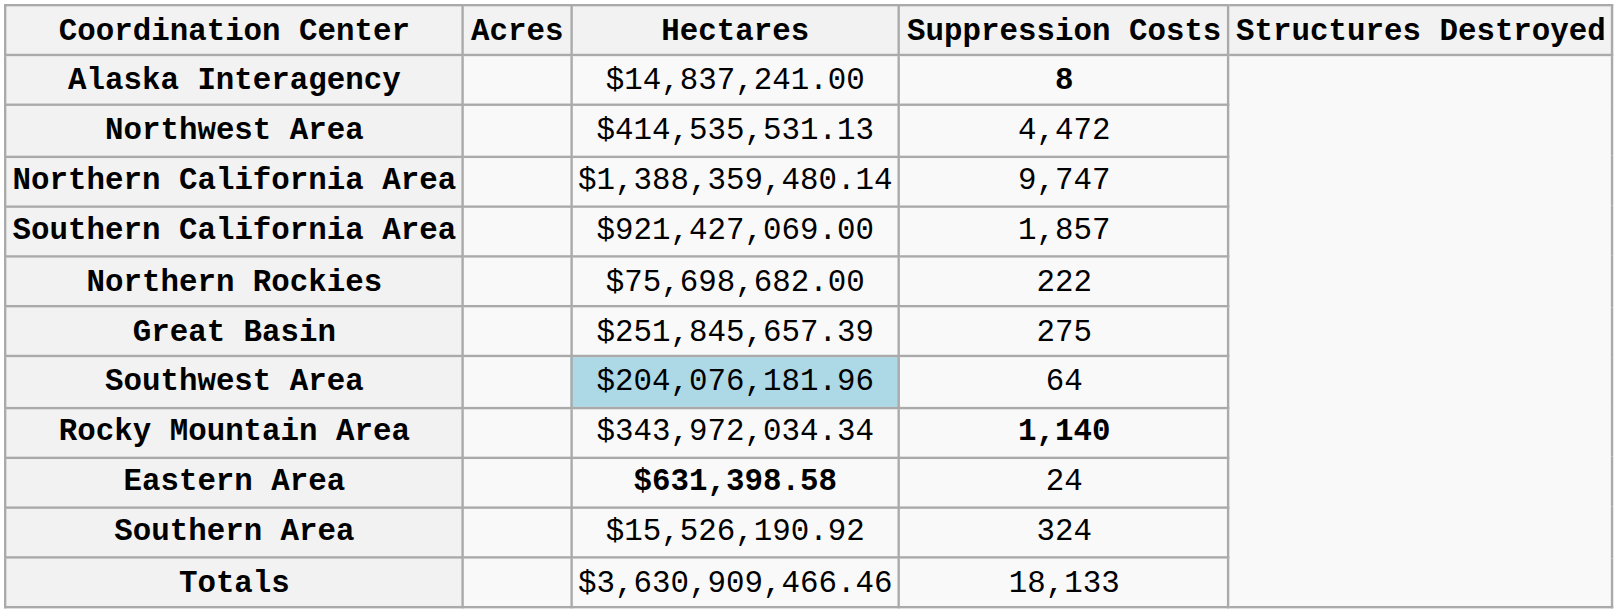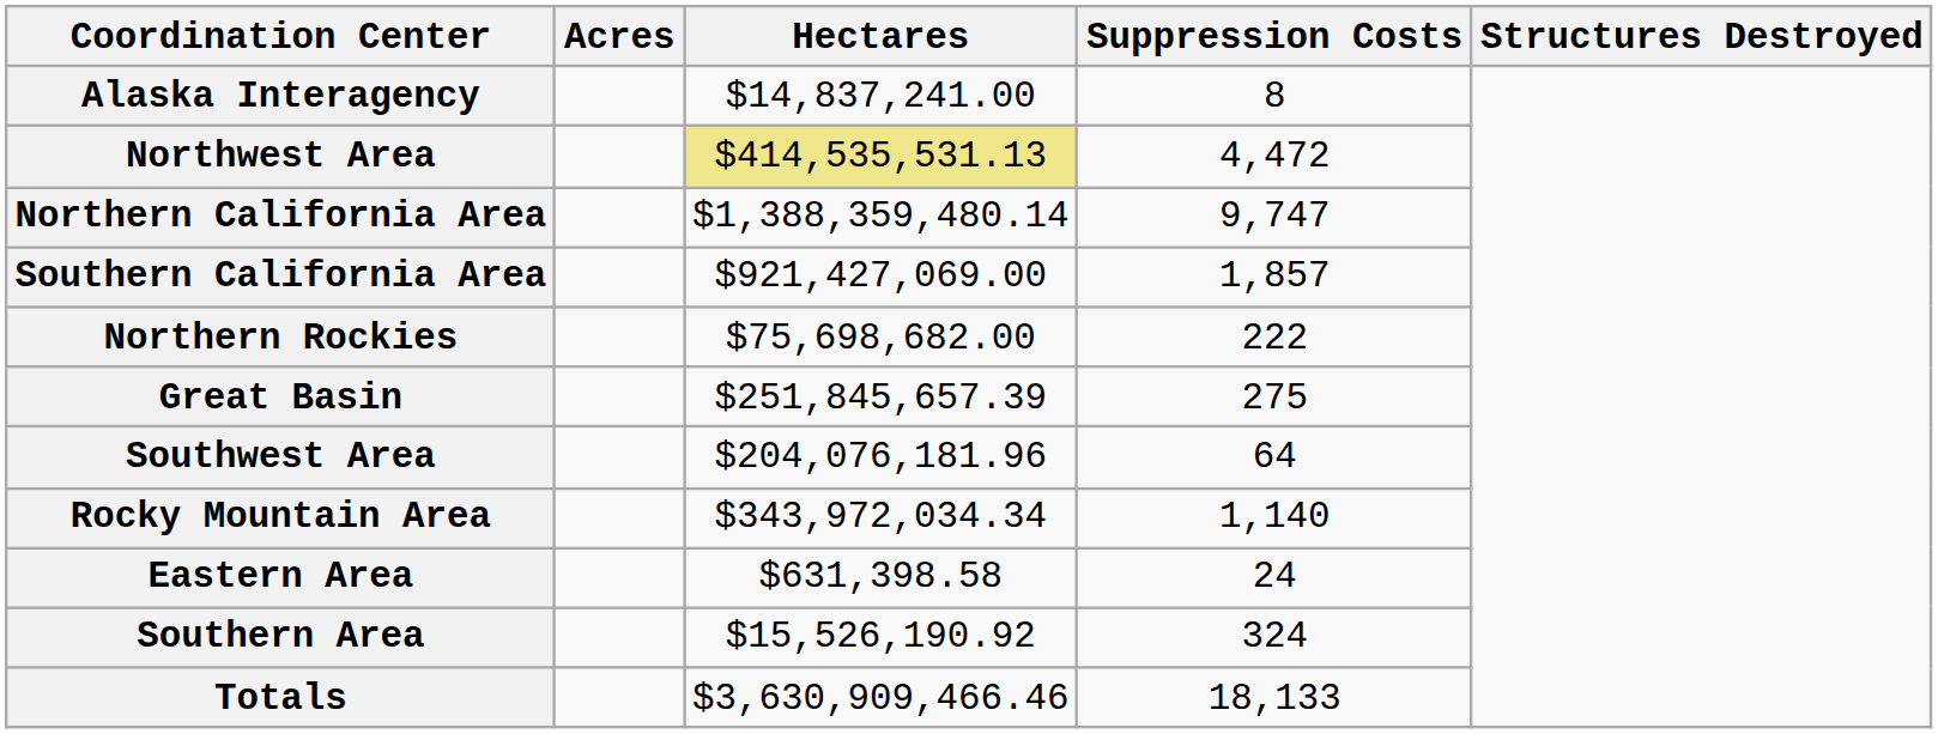 <table class="wikitable sortable plainrowheaders" style="text-align:center;">
 <tr>
 <th scope="col">Coordination Center</th>
 <th scope="col">Acres</th>
 <th scope="col">Hectares</th>
 <th scope="col">Suppression Costs</th>
 <th scope="col">Structures Destroyed</th>
 </tr>
 <tr>
 <th scope="row">Alaska Interagency</th>
 <td></td>
 <td>$14,837,241.00</td>
-<td><strong>8</strong></td>
+<td>8</td>
 </tr>
 <tr>
 <th scope="row">Northwest Area</th>
 <td></td>
-<td>$414,535,531.13</td>
+<td style="background: khaki;">$414,535,531.13</td>
 <td>4,472</td>
 </tr>
 <tr>
 <th scope="row">Northern California Area</th>
 <td></td>
 <td>$1,388,359,480.14</td>
 <td>9,747</td>
 </tr>
 <tr>
 <th scope="row">Southern California Area</th>
 <td></td>
 <td>$921,427,069.00</td>
 <td>1,857</td>
 </tr>
 <tr>
 <th scope="row">Northern Rockies</th>
 <td></td>
 <td>$75,698,682.00</td>
 <td>222</td>
 </tr>
 <tr>
 <th scope="row">Great Basin</th>
 <td></td>
 <td>$251,845,657.39</td>
 <td>275</td>
 </tr>
 <tr>
 <th scope="row">Southwest Area</th>
 <td></td>
-<td style="background: lightblue;">$204,076,181.96</td>
+<td>$204,076,181.96</td>
 <td>64</td>
 </tr>
 <tr>
 <th scope="row">Rocky Mountain Area</th>
 <td></td>
 <td>$343,972,034.34</td>
-<td><strong>1,140</strong></td>
+<td>1,140</td>
 </tr>
 <tr>
 <th scope="row">Eastern Area</th>
 <td></td>
-<td><strong>$631,398.58</strong></td>
+<td>$631,398.58</td>
 <td>24</td>
 </tr>
 <tr>
 <th scope="row">Southern Area</th>
 <td></td>
 <td>$15,526,190.92</td>
 <td>324</td>
 </tr>
 <tr class="sortbottom">
 <th scope="row"><strong>Totals</strong></th>
 <td></td>
 <td>$3,630,909,466.46</td>
 <td>18,133</td>
 </tr>
 </table>
